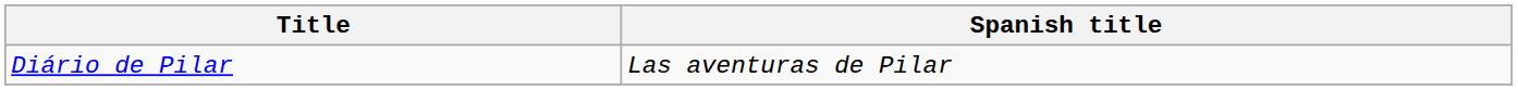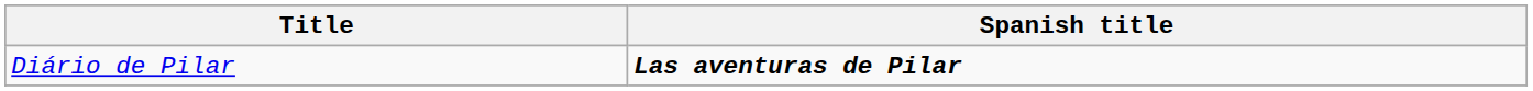 <table class="wikitable sortable plainrowheaders" style="width:90%;">
 <tr>
 <th scope="col">Title</th>
 <th scope="col">Spanish title</th>
 </tr>
 <tr>
 <td><em><a href='#'>Diário de Pilar</a></em></td>
-<td><em>Las aventuras de Pilar</em></td>
+<td><strong><em>Las aventuras de Pilar</em></strong></td>
 </tr>
 </table>
